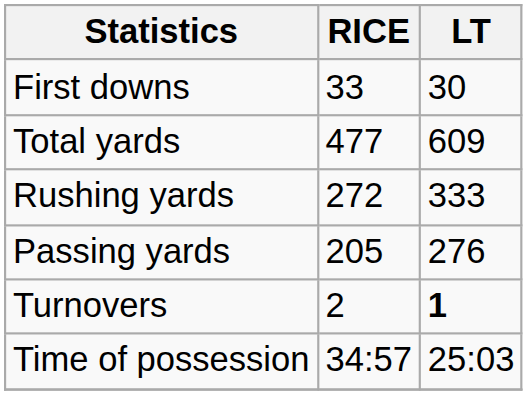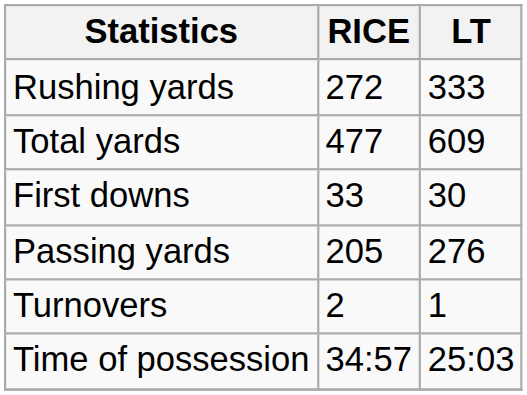 <table class="wikitable">
 <tr>
 <th>Statistics</th>
 <th>RICE</th>
 <th>LT</th>
 </tr>
 <tr>
-<td>First downs</td>
-<td>33</td>
-<td>30</td>
+<td>Rushing yards</td>
+<td>272</td>
+<td>333</td>
 </tr>
 <tr>
 <td>Total yards</td>
 <td>477</td>
 <td>609</td>
 </tr>
 <tr>
-<td>Rushing yards</td>
-<td>272</td>
-<td>333</td>
+<td>First downs</td>
+<td>33</td>
+<td>30</td>
 </tr>
 <tr>
 <td>Passing yards</td>
 <td>205</td>
 <td>276</td>
 </tr>
 <tr>
 <td>Turnovers</td>
 <td>2</td>
-<td><strong>1</strong></td>
+<td>1</td>
 </tr>
 <tr>
 <td>Time of possession</td>
 <td>34:57</td>
 <td>25:03</td>
 </tr>
 <tr>
 </tr>
 </table>
